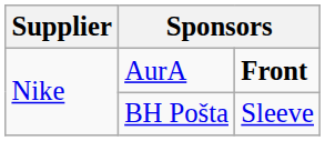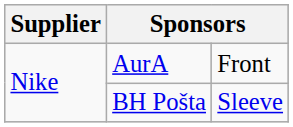 <table class="wikitable">
 <tr>
 <th>Supplier</th>
 <th colspan=2>Sponsors</th>
 </tr>
 <tr>
 <td rowspan=2> <a href='#'>Nike</a></td>
 <td> <a href='#'>AurA</a></td>
-<td><strong>Front</strong></td>
+<td>Front</td>
 </tr>
 <tr>
 <td> <a href='#'>BH Pošta</a></td>
 <td rowspan=1><a href='#'>Sleeve</a></td>
 </tr>
 </table>
